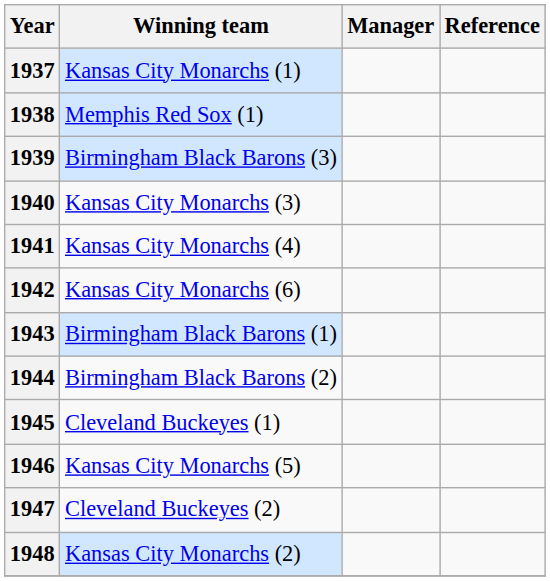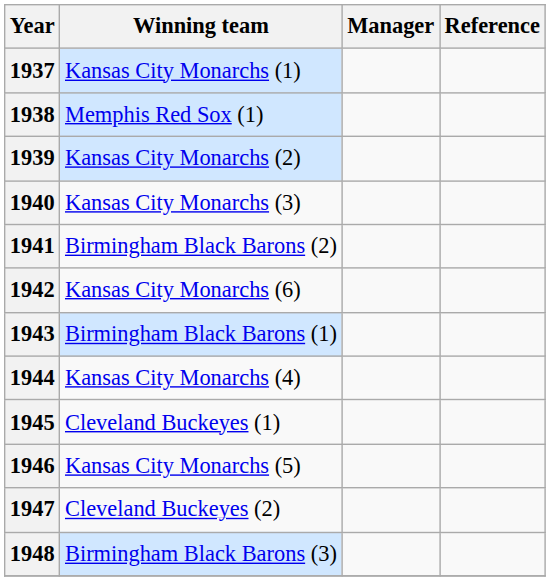 <table class="wikitable sortable plainrowheaders" style="font-size:1.00em; line-height:1.5em;">
 <tr>
 <th scope="col">Year</th>
 <th scope="col">Winning team</th>
 <th scope="col">Manager</th>
 <th scope="col">Reference</th>
 </tr>
 <tr>
 <th scope="row" style="text-align:center">1937</th>
 <td align="left" style="background:#d0e7ff;"><a href='#'>Kansas City Monarchs</a> (1)</td>
 <td align="left"></td>
 <td></td>
 </tr>
 <tr>
 <th scope="row" style="text-align:center">1938</th>
 <td align="left" style="background:#d0e7ff;"><a href='#'>Memphis Red Sox</a> (1)</td>
 <td align="left"></td>
 <td></td>
 </tr>
 <tr>
 <th scope="row" style="text-align:center">1939</th>
-<td align="left" style="background:#d0e7ff;"><a href='#'>Birmingham Black Barons</a> (3)</td>
+<td align="left" style="background:#d0e7ff;"><a href='#'>Kansas City Monarchs</a> (2)</td>
 <td align="left"></td>
 <td></td>
 </tr>
 <tr>
 <th scope="row" style="text-align:center">1940</th>
 <td align="left"><a href='#'>Kansas City Monarchs</a> (3)</td>
 <td align="left"></td>
 <td></td>
 </tr>
 <tr>
 <th scope="row" style="text-align:center">1941</th>
-<td align="left"><a href='#'>Kansas City Monarchs</a> (4)</td>
+<td align="left"><a href='#'>Birmingham Black Barons</a> (2)</td>
 <td align="left"></td>
 <td></td>
 </tr>
 <tr>
 <th scope="row" style="text-align:center">1942</th>
 <td align="left"><a href='#'>Kansas City Monarchs</a> (6)</td>
 <td align="left"></td>
 <td></td>
 </tr>
 <tr>
 <th scope="row" style="text-align:center">1943</th>
 <td align="left" style="background:#d0e7ff;"><a href='#'>Birmingham Black Barons</a> (1)</td>
 <td align="left"></td>
 <td></td>
 </tr>
 <tr>
 <th scope="row" style="text-align:center">1944</th>
-<td align="left"><a href='#'>Birmingham Black Barons</a> (2)</td>
+<td align="left"><a href='#'>Kansas City Monarchs</a> (4)</td>
 <td align="left"></td>
 <td></td>
 </tr>
 <tr>
 <th scope="row" style="text-align:center">1945</th>
 <td align="left"><a href='#'>Cleveland Buckeyes</a> (1)</td>
 <td align="left"></td>
 <td></td>
 </tr>
 <tr>
 <th scope="row" style="text-align:center">1946</th>
 <td align="left"><a href='#'>Kansas City Monarchs</a> (5)</td>
 <td align="left"></td>
 <td></td>
 </tr>
 <tr>
 <th scope="row" style="text-align:center">1947</th>
 <td align="left"><a href='#'>Cleveland Buckeyes</a> (2)</td>
 <td align="left"></td>
 <td></td>
 </tr>
 <tr>
 <th scope="row" style="text-align:center">1948</th>
-<td align="left" style="background:#d0e7ff;"><a href='#'>Kansas City Monarchs</a> (2)</td>
+<td align="left" style="background:#d0e7ff;"><a href='#'>Birmingham Black Barons</a> (3)</td>
 <td align="left"></td>
 <td></td>
 </tr>
 <tr>
 </tr>
 </table>
